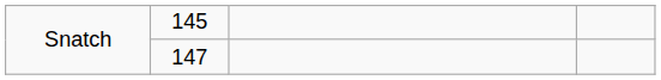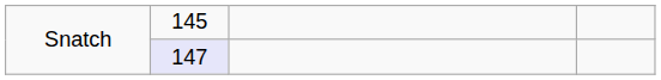 <table class = "wikitable" style="text-align:center;">
 <tr>
 <td rowspan=2 width=100>Snatch</td>
 <td width=50>145</td>
 <td width=250 align=left></td>
 <td width=50></td>
 </tr>
 <tr>
-<td>147</td>
+<td style="background: lavender;">147</td>
 <td align=left></td>
 <td></td>
 </tr>
 </table>
